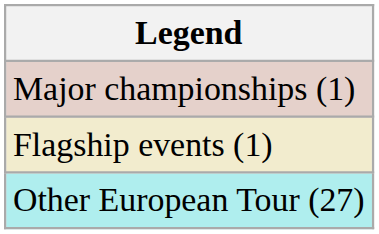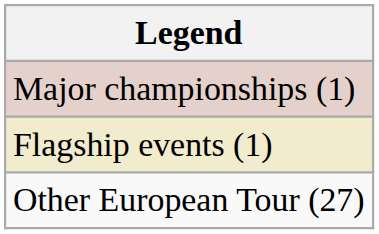 <table class="wikitable" style="font-size:95%;">
 <tr>
 <th>Legend</th>
 </tr>
 <tr style="background:#e5d1cb;">
 <td>Major championships (1)</td>
 </tr>
 <tr style="background:#f2ecce;">
 <td>Flagship events (1)</td>
 </tr>
 <tr>
-<td style="background: paleturquoise;">Other European Tour (27)</td>
+<td>Other European Tour (27)</td>
 </tr>
 </table>
